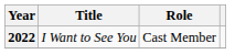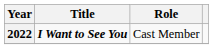 <table class="wikitable plainrowheaders">
 <tr>
 <th scope="col">Year</th>
 <th scope="col">Title</th>
 <th scope="col">Role</th>
 <th scope="col" class="unsortable"></th>
 </tr>
 <tr>
 <th scope="row">2022</th>
-<td><em>I Want to See You</em></td>
+<td><strong><em>I Want to See You</em></strong></td>
 <td>Cast Member</td>
 <td></td>
 </tr>
 <tr>
 </tr>
 </table>
